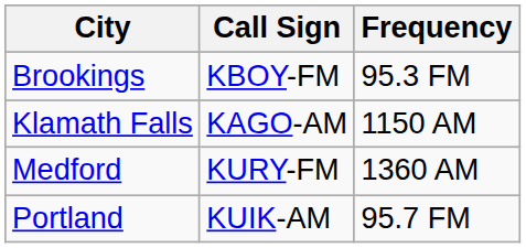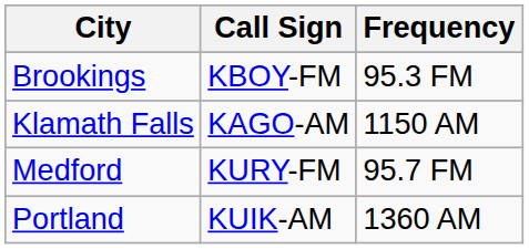 <table class="wikitable">
 <tr>
 <th scope="col">City</th>
 <th scope="col">Call Sign</th>
 <th scope="col">Frequency</th>
 </tr>
 <tr>
 <td><a href='#'>Brookings</a></td>
 <td><a href='#'>KBOY</a>-FM</td>
 <td>95.3 FM</td>
 </tr>
 <tr>
 <td><a href='#'>Klamath Falls</a></td>
 <td><a href='#'>KAGO</a>-AM</td>
 <td>1150 AM</td>
 </tr>
 <tr>
 <td><a href='#'>Medford</a></td>
 <td><a href='#'>KURY</a>-FM</td>
-<td>1360 AM</td>
+<td>95.7 FM</td>
 </tr>
 <tr>
 <td><a href='#'>Portland</a></td>
 <td><a href='#'>KUIK</a>-AM</td>
-<td>95.7 FM</td>
+<td>1360 AM</td>
 </tr>
 </table>
